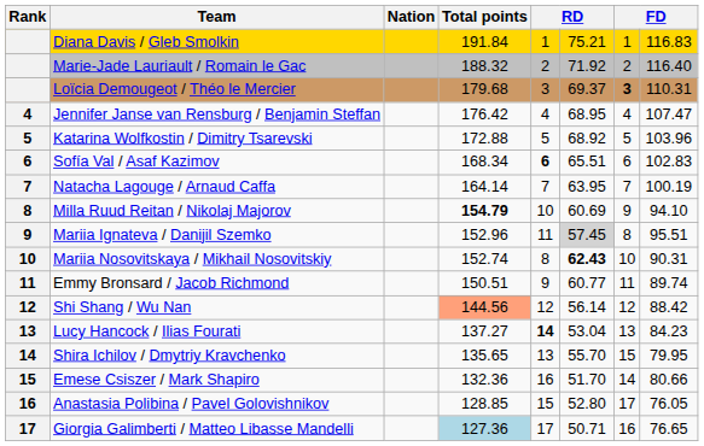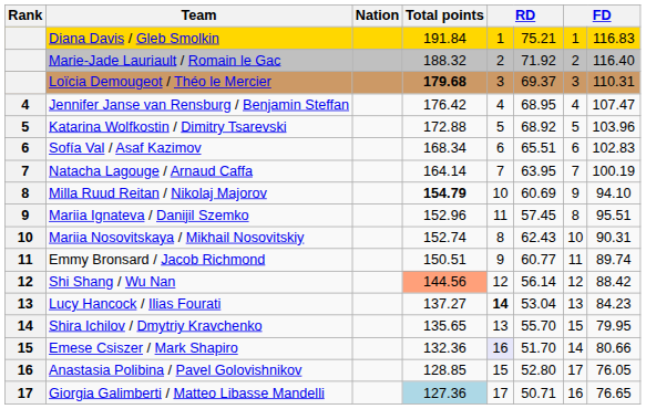 <table class="wikitable sortable" style="text-align:left">
 <tr>
 <th scope="col">Rank</th>
 <th scope="col">Team</th>
 <th scope="col">Nation</th>
 <th scope="col">Total points</th>
 <th scope="col" colspan="2" width="80px"><a href='#'>RD</a></th>
 <th scope="col" colspan="2" width="80px"><a href='#'>FD</a></th>
 </tr>
 <tr bgcolor="gold">
 <th scope="row"></th>
 <td><a href='#'>Diana Davis</a> / <a href='#'>Gleb Smolkin</a></td>
 <td></td>
 <td align="center">191.84</td>
 <td align="center">1</td>
 <td align="center">75.21</td>
 <td align="center">1</td>
 <td align="center">116.83</td>
 </tr>
 <tr bgcolor="silver">
 <th scope="row"></th>
 <td><a href='#'>Marie-Jade Lauriault</a> / <a href='#'>Romain le Gac</a></td>
 <td></td>
 <td align="center">188.32</td>
 <td align="center">2</td>
 <td align="center">71.92</td>
 <td align="center">2</td>
 <td align="center">116.40</td>
 </tr>
 <tr bgcolor="cc9966">
 <th scope="row"></th>
 <td><a href='#'>Loïcia Demougeot</a> / <a href='#'>Théo le Mercier</a></td>
 <td></td>
-<td align="center">179.68</td>
+<td align="center"><strong>179.68</strong></td>
 <td align="center">3</td>
 <td align="center">69.37</td>
-<td align="center"><strong>3</strong></td>
+<td align="center">3</td>
 <td align="center">110.31</td>
 </tr>
 <tr>
 <th scope="row">4</th>
 <td><a href='#'>Jennifer Janse van Rensburg</a> / <a href='#'>Benjamin Steffan</a></td>
 <td></td>
 <td align="center">176.42</td>
 <td align="center">4</td>
 <td align="center">68.95</td>
 <td align="center">4</td>
 <td align="center">107.47</td>
 </tr>
 <tr>
 <th scope="row">5</th>
 <td><a href='#'>Katarina Wolfkostin</a> / <a href='#'>Dimitry Tsarevski</a></td>
 <td></td>
 <td align="center">172.88</td>
 <td align="center">5</td>
 <td align="center">68.92</td>
 <td align="center">5</td>
 <td align="center">103.96</td>
 </tr>
 <tr>
 <th scope="row">6</th>
 <td><a href='#'>Sofía Val</a> / <a href='#'>Asaf Kazimov</a></td>
 <td></td>
 <td align="center">168.34</td>
-<td align="center"><strong>6</strong></td>
+<td align="center">6</td>
 <td align="center">65.51</td>
 <td align="center">6</td>
 <td align="center">102.83</td>
 </tr>
 <tr>
 <th scope="row">7</th>
 <td><a href='#'>Natacha Lagouge</a> / <a href='#'>Arnaud Caffa</a></td>
 <td></td>
 <td align="center">164.14</td>
 <td align="center">7</td>
 <td align="center">63.95</td>
 <td align="center">7</td>
 <td align="center">100.19</td>
 </tr>
 <tr>
 <th scope="row">8</th>
 <td><a href='#'>Milla Ruud Reitan</a> / <a href='#'>Nikolaj Majorov</a></td>
 <td></td>
 <td align="center"><strong>154.79</strong></td>
 <td align="center">10</td>
 <td align="center">60.69</td>
 <td align="center">9</td>
 <td align="center">94.10</td>
 </tr>
 <tr>
 <th scope="row">9</th>
 <td><a href='#'>Mariia Ignateva</a> / <a href='#'>Danijil Szemko</a></td>
 <td></td>
 <td align="center">152.96</td>
 <td align="center">11</td>
-<td align="center" style="background: lightgrey;">57.45</td>
+<td align="center">57.45</td>
 <td align="center">8</td>
 <td align="center">95.51</td>
 </tr>
 <tr>
 <th scope="row">10</th>
 <td><a href='#'>Mariia Nosovitskaya</a> / <a href='#'>Mikhail Nosovitskiy</a></td>
 <td></td>
 <td align="center">152.74</td>
 <td align="center">8</td>
-<td align="center"><strong>62.43</strong></td>
+<td align="center">62.43</td>
 <td align="center">10</td>
 <td align="center">90.31</td>
 </tr>
 <tr>
 <th scope="row">11</th>
 <td>Emmy Bronsard / <a href='#'>Jacob Richmond</a></td>
 <td></td>
 <td align="center">150.51</td>
 <td align="center">9</td>
 <td align="center">60.77</td>
 <td align="center">11</td>
 <td align="center">89.74</td>
 </tr>
 <tr>
 <th scope="row">12</th>
 <td><a href='#'>Shi Shang</a> / <a href='#'>Wu Nan</a></td>
 <td></td>
 <td align="center" style="background: lightsalmon;">144.56</td>
 <td align="center">12</td>
 <td align="center">56.14</td>
 <td align="center">12</td>
 <td align="center">88.42</td>
 </tr>
 <tr>
 <th scope="row">13</th>
 <td><a href='#'>Lucy Hancock</a> / <a href='#'>Ilias Fourati</a></td>
 <td></td>
 <td align="center">137.27</td>
 <td align="center"><strong>14</strong></td>
 <td align="center">53.04</td>
 <td align="center">13</td>
 <td align="center">84.23</td>
 </tr>
 <tr>
 <th scope="row">14</th>
 <td><a href='#'>Shira Ichilov</a> / <a href='#'>Dmytriy Kravchenko</a></td>
 <td></td>
 <td align="center">135.65</td>
 <td align="center">13</td>
 <td align="center">55.70</td>
 <td align="center">15</td>
 <td align="center">79.95</td>
 </tr>
 <tr>
 <th scope="row">15</th>
 <td><a href='#'>Emese Csiszer</a> / <a href='#'>Mark Shapiro</a></td>
 <td></td>
 <td align="center">132.36</td>
-<td align="center">16</td>
+<td align="center" style="background: lavender;">16</td>
 <td align="center">51.70</td>
 <td align="center">14</td>
 <td align="center">80.66</td>
 </tr>
 <tr>
 <th scope="row">16</th>
 <td><a href='#'>Anastasia Polibina</a> / <a href='#'>Pavel Golovishnikov</a></td>
 <td></td>
 <td align="center">128.85</td>
 <td align="center">15</td>
 <td align="center">52.80</td>
 <td align="center">17</td>
 <td align="center">76.05</td>
 </tr>
 <tr>
 <th scope="row">17</th>
 <td><a href='#'>Giorgia Galimberti</a> / <a href='#'>Matteo Libasse Mandelli</a></td>
 <td></td>
 <td align="center" style="background: lightblue;">127.36</td>
 <td align="center">17</td>
 <td align="center">50.71</td>
 <td align="center">16</td>
 <td align="center">76.65</td>
 </tr>
 </table>
